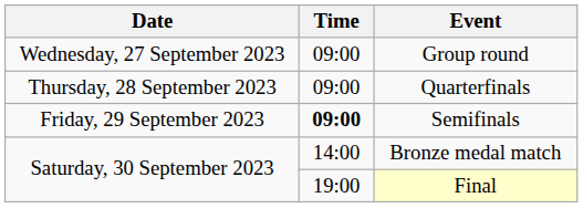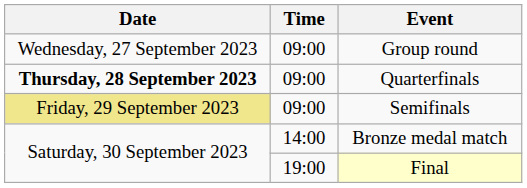 <table class = "wikitable" style="text-align:center;">
 <tr>
 <th width=220>Date</th>
 <th width=50>Time</th>
 <th width=150>Event</th>
 </tr>
 <tr>
 <td>Wednesday, 27 September 2023</td>
 <td>09:00</td>
 <td>Group round</td>
 </tr>
 <tr>
-<td>Thursday, 28 September 2023</td>
+<td><strong>Thursday, 28 September 2023</strong></td>
 <td>09:00</td>
 <td>Quarterfinals</td>
 </tr>
 <tr>
-<td>Friday, 29 September 2023</td>
-<td><strong>09:00</strong></td>
+<td style="background: khaki;">Friday, 29 September 2023</td>
+<td>09:00</td>
 <td>Semifinals</td>
 </tr>
 <tr>
 <td rowspan=2>Saturday, 30 September 2023</td>
 <td>14:00</td>
 <td>Bronze medal match</td>
 </tr>
 <tr>
 <td>19:00</td>
 <td style="background:#ffffcc;">Final</td>
 </tr>
 </table>
